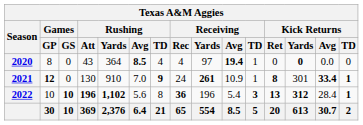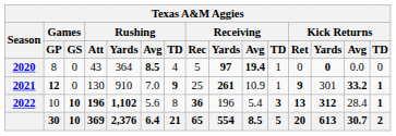 <table class="wikitable" style="text-align:center;">
 <tr>
 <th colspan="16">Texas A&M Aggies</th>
 </tr>
 <tr>
 <th rowspan="2">Season</th>
 <th colspan="2">Games</th>
 <th colspan="4">Rushing</th>
 <th colspan="4">Receiving</th>
 <th colspan="4">Kick Returns</th>
 </tr>
 <tr>
 <th>GP</th>
 <th>GS</th>
 <th>Att</th>
 <th>Yards</th>
 <th>Avg</th>
 <th>TD</th>
 <th>Rec</th>
 <th>Yards</th>
 <th>Avg</th>
 <th>TD</th>
 <th>Ret</th>
 <th>Yards</th>
 <th>Avg</th>
 <th>TD</th>
 </tr>
 <tr>
 <th><a href='#'>2020</a></th>
 <td>8</td>
 <td>0</td>
 <td>43</td>
 <td>364</td>
 <td><strong>8.5</strong></td>
 <td>4</td>
-<td>4</td>
-<td>97</td>
+<td>5</td>
+<td><strong>97</strong></td>
 <td><strong>19.4</strong></td>
 <td>1</td>
 <td>0</td>
 <td><strong>0</strong></td>
 <td>0.0</td>
 <td>0</td>
 </tr>
 <tr>
 <th><a href='#'>2021</a></th>
 <td><strong>12</strong></td>
 <td>0</td>
 <td>130</td>
 <td>910</td>
 <td>7.0</td>
 <td><strong>9</strong></td>
-<td>24</td>
+<td>25</td>
 <td><strong>261</strong></td>
 <td>10.9</td>
 <td>1</td>
-<td><strong>8</strong></td>
+<td><strong>9</strong></td>
 <td>301</td>
-<td><strong>33.4</strong></td>
+<td><strong>33.2</strong></td>
 <td><strong>1</strong></td>
 </tr>
 <tr>
 <th><a href='#'>2022</a></th>
 <td>10</td>
 <td><strong>10</strong></td>
 <td><strong>196</strong></td>
 <td><strong>1,102</strong></td>
 <td>5.6</td>
 <td>8</td>
 <td><strong>36</strong></td>
 <td>196</td>
 <td>5.4</td>
 <td><strong>3</strong></td>
 <td><strong>13</strong></td>
 <td><strong>312</strong></td>
 <td>28.4</td>
 <td><strong>1</strong></td>
 </tr>
 <tr>
 <th></th>
 <th>30</th>
 <th>10</th>
 <th>369</th>
 <th>2,376</th>
 <th>6.4</th>
 <th>21</th>
 <th>65</th>
 <th>554</th>
 <th>8.5</th>
 <th>5</th>
 <th>20</th>
 <th>613</th>
 <th>30.7</th>
 <th>2</th>
 </tr>
 </table>
